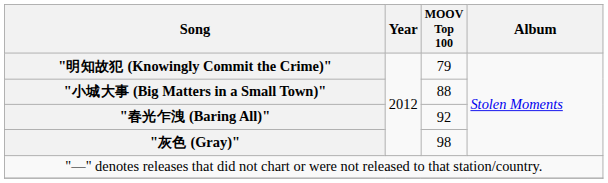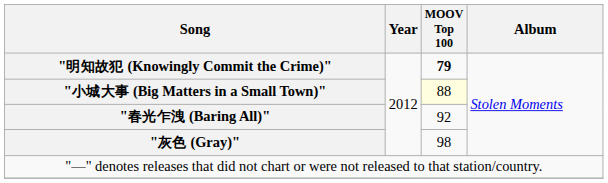 <table class="wikitable plainrowheaders" style="text-align:center;">
 <tr>
 <th style="width:26em;">Song</th>
 <th>Year</th>
 <th style="font-size:smaller;" width="45">MOOV Top 100</th>
 <th style="width:9em;">Album</th>
 </tr>
 <tr>
 <th scope="row">"明知故犯 (Knowingly Commit the Crime)"</th>
 <td rowspan="4">2012</td>
-<td>79</td>
+<td><strong>79</strong></td>
 <td align="left" rowspan="4"><em><a href='#'>Stolen Moments</a></em></td>
 </tr>
 <tr>
 <th scope="row">"小城大事 (Big Matters in a Small Town)"</th>
-<td>88</td>
+<td style="background: lightyellow;">88</td>
 </tr>
 <tr>
 <th scope="row">"春光乍洩 (Baring All)"</th>
 <td>92</td>
 </tr>
 <tr>
 <th scope="row">"灰色 (Gray)"</th>
 <td>98</td>
 </tr>
 <tr>
 <td colspan="4">"—" denotes releases that did not chart or were not released to that station/country.</td>
 </tr>
 <tr>
 </tr>
 </table>
